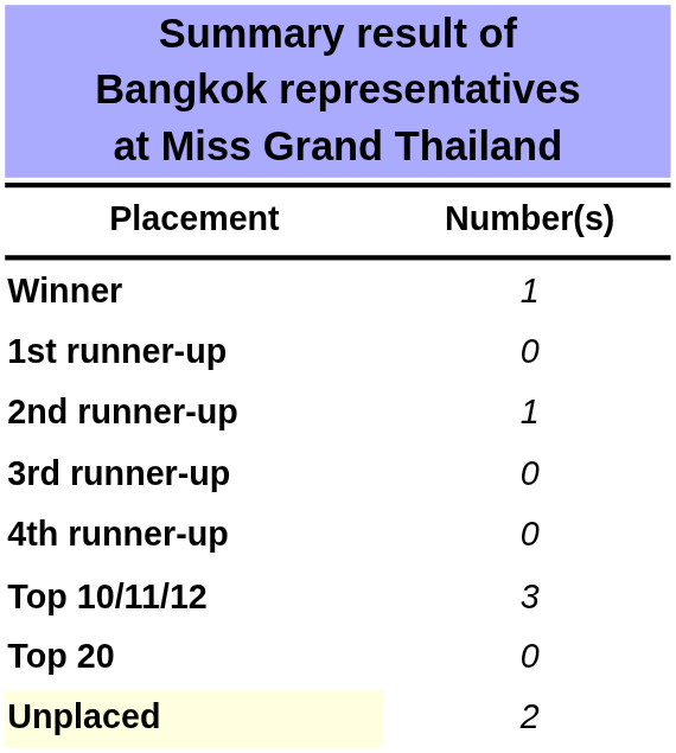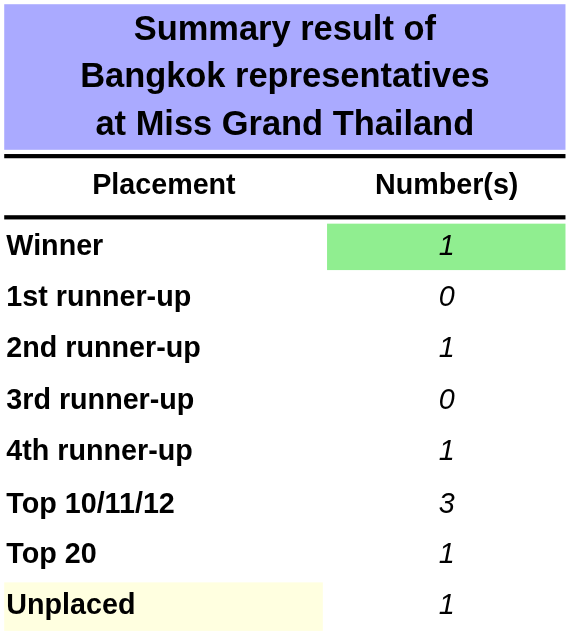 <table style="width: 270px; font-size:85%; line-height:1.5em;">
 <tr>
 <th colspan="2" align="center" style="background:#AAF;"><big>Summary result of<br>Bangkok representatives<br>at Miss Grand Thailand</big></th>
 </tr>
 <tr>
 <td colspan="2" style="background:black"></td>
 </tr>
 <tr>
 <th scope="col">Placement</th>
 <th scope="col">Number(s)</th>
 </tr>
 <tr>
 <td colspan="2" style="background:black"></td>
 </tr>
 <tr>
 <td align="left"><strong>Winner</strong></td>
-<td align="center"><em>1</em></td>
+<td align="center" style="background: lightgreen;"><em>1</em></td>
 </tr>
 <tr>
 <td align="left"><strong>1st runner-up</strong></td>
 <td align="center"><em>0</em></td>
 </tr>
 <tr>
 <td align="left"><strong>2nd runner-up</strong></td>
 <td align="center"><em>1</em></td>
 </tr>
 <tr>
 <td align="left"><strong>3rd runner-up</strong></td>
 <td align="center"><em>0</em></td>
 </tr>
 <tr>
 <td align="left"><strong>4th runner-up</strong></td>
-<td align="center"><em>0</em></td>
+<td align="center"><em>1</em></td>
 </tr>
 <tr>
 <td align="left"><strong>Top 10/11/12</strong></td>
 <td align="center"><em>3</em></td>
 </tr>
 <tr>
 <td align="left"><strong>Top 20</strong></td>
-<td align="center"><em>0</em></td>
+<td align="center"><em>1</em></td>
 </tr>
 <tr>
 <td align="left" style="background: lightyellow;"><strong>Unplaced</strong></td>
-<td align="center"><em>2</em></td>
+<td align="center"><em>1</em></td>
 </tr>
 </table>
